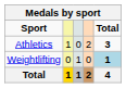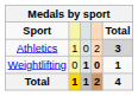 <table class="wikitable" style="font-size:85%">
 <tr style="background:#efefef;">
 <th colspan=7><strong>Medals by sport</strong></th>
 </tr>
 <tr align=center>
 <td><strong>Sport</strong></td>
 <td bgcolor=#f7f6a8></td>
 <td bgcolor=#dce5e5></td>
 <td bgcolor=#ffdab9></td>
 <td><strong>Total</strong></td>
 </tr>
 <tr align=center>
 <td><a href='#'>Athletics</a></td>
 <td style="background:#F7F6A8;">1</td>
 <td style="background:#DCE5E5;">0</td>
 <td style="background:#FFDAB9;">2</td>
-<td><strong>3</strong></td>
+<td style="background: lightgrey;"><strong>3</strong></td>
 </tr>
 <tr align=center>
 <td><a href='#'>Weightlifting</a></td>
 <td style="background:#F7F6A8;">0</td>
-<td style="background:#DCE5E5;">1</td>
-<td style="background:#FFDAB9;">0</td>
-<td style="background: lightblue;"><strong>1</strong></td>
+<td style="background:#DCE5E5;"><strong>1</strong></td>
+<td style="background:#FFDAB9;"><strong>0</strong></td>
+<td><strong>1</strong></td>
 </tr>
 <tr align=center>
 <th><strong>Total</strong></th>
 <th style="background:gold;"><strong>1</strong></th>
 <th style="background:silver;"><strong>1</strong></th>
 <th style="background:#c96;"><strong>2</strong></th>
 <th><strong>4</strong></th>
 </tr>
 </table>
